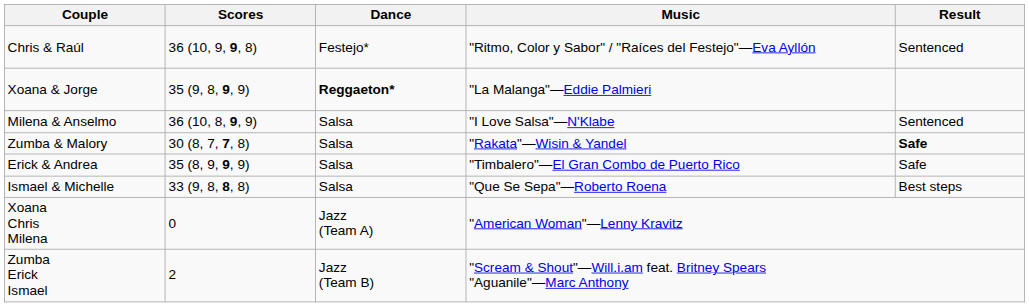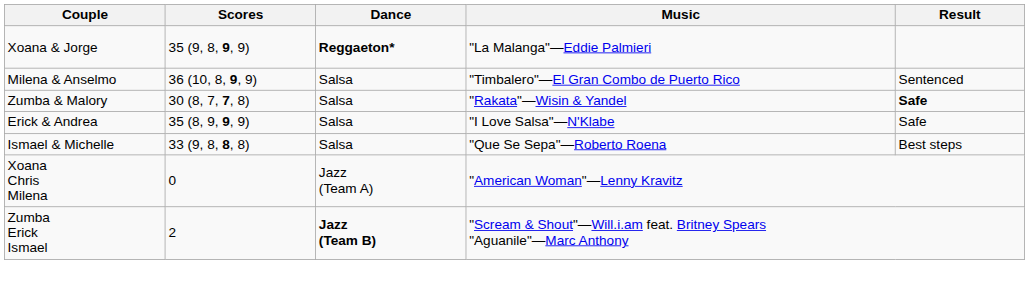 <table class="wikitable sortable" style="width:95%; white-space:nowrap;">
 <tr>
 <th style="width:15%;">Couple<br></th>
 <th style="width:14%;">Scores</th>
 <th style="width:14%;">Dance</th>
 <th style="width:40%;">Music</th>
 <th style="width:12%;">Result</th>
-</tr>
-<tr style="height:50px">
-<td>Chris & Raúl</td>
-<td>36 (10, 9, <strong>9</strong>, 8)</td>
-<td>Festejo*</td>
-<td>"Ritmo, Color y Sabor" / "Raíces del Festejo"—<a href='#'>Eva Ayllón</a></td>
-<td>Sentenced</td>
 </tr>
 <tr style="height:50px">
 <td>Xoana & Jorge</td>
 <td>35 (9, 8, <strong>9</strong>, 9)</td>
 <td><strong>Reggaeton*</strong></td>
 <td>"La Malanga"—<a href='#'>Eddie Palmieri</a></td>
 <td></td>
 </tr>
 <tr>
 <td>Milena & Anselmo<br></td>
 <td>36 (10, 8, <strong>9</strong>, 9)</td>
 <td>Salsa</td>
-<td>"I Love Salsa"—<a href='#'>N'Klabe</a></td>
+<td>"Timbalero"—<a href='#'>El Gran Combo de Puerto Rico</a></td>
 <td>Sentenced</td>
 </tr>
 <tr>
 <td>Zumba & Malory<br></td>
 <td>30 (8, 7, <strong>7</strong>, 8)</td>
 <td>Salsa</td>
 <td>"<a href='#'>Rakata</a>"—<a href='#'>Wisin & Yandel</a></td>
 <td><strong>Safe</strong></td>
 </tr>
 <tr>
 <td>Erick & Andrea<br></td>
 <td>35 (8, 9, <strong>9</strong>, 9)</td>
 <td>Salsa</td>
-<td>"Timbalero"—<a href='#'>El Gran Combo de Puerto Rico</a></td>
+<td>"I Love Salsa"—<a href='#'>N'Klabe</a></td>
 <td>Safe</td>
 </tr>
 <tr>
 <td>Ismael & Michelle<br></td>
 <td>33 (9, 8, <strong>8</strong>, 8)</td>
 <td>Salsa</td>
 <td>"Que Se Sepa"—<a href='#'>Roberto Roena</a></td>
 <td>Best steps</td>
 </tr>
 <tr>
 <td>Xoana<br>Chris<br>Milena</td>
 <td>0</td>
 <td>Jazz<br>(Team A)</td>
 <td colspan="2">"<a href='#'>American Woman</a>"—<a href='#'>Lenny Kravitz</a></td>
 </tr>
 <tr>
 <td>Zumba<br>Erick<br>Ismael</td>
 <td>2</td>
-<td>Jazz<br>(Team B)</td>
+<td><strong>Jazz<br>(Team B)</strong></td>
 <td colspan="2">"<a href='#'>Scream & Shout</a>"—<a href='#'>Will.i.am</a> feat. <a href='#'>Britney Spears</a><br>"Aguanile"—<a href='#'>Marc Anthony</a></td>
 </tr>
 </table>
